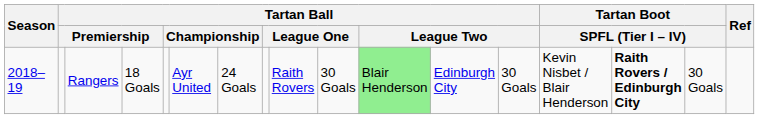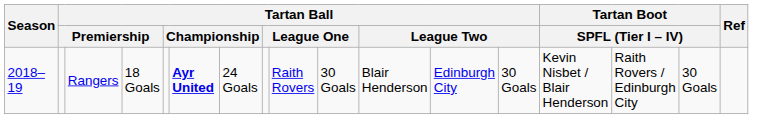 <table class="wikitable" style="text-align: left; width:100%;">
 <tr>
 <th rowspan="2">Season</th>
 <th colspan="12">Tartan Ball</th>
 <th colspan="3">Tartan Boot</th>
 <th rowspan="2">Ref</th>
 </tr>
 <tr>
 <th colspan="3">Premiership</th>
 <th colspan="3">Championship</th>
 <th colspan="3">League One</th>
 <th colspan="3">League Two</th>
 <th colspan="3">SPFL (Tier I – IV)</th>
 </tr>
 <tr>
 <td><a href='#'>2018–19</a></td>
 <td align="left"></td>
 <td><a href='#'>Rangers</a></td>
 <td>18 Goals</td>
 <td align="left"></td>
-<td><a href='#'>Ayr United</a></td>
+<td><strong><a href='#'>Ayr United</a></strong></td>
 <td>24 Goals</td>
 <td align="left"></td>
 <td><a href='#'>Raith Rovers</a></td>
 <td>30 Goals</td>
-<td align="left" style="background: lightgreen;">Blair Henderson</td>
+<td align="left">Blair Henderson</td>
 <td><a href='#'>Edinburgh City</a></td>
 <td>30 Goals</td>
 <td align="left">Kevin Nisbet /<br>Blair Henderson</td>
-<td><strong>Raith Rovers /<br>Edinburgh City</strong></td>
+<td>Raith Rovers /<br>Edinburgh City</td>
 <td>30 Goals</td>
 <td></td>
 </tr>
 </table>
